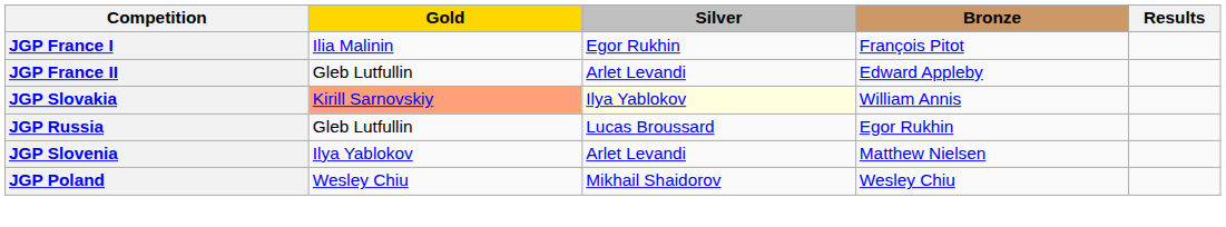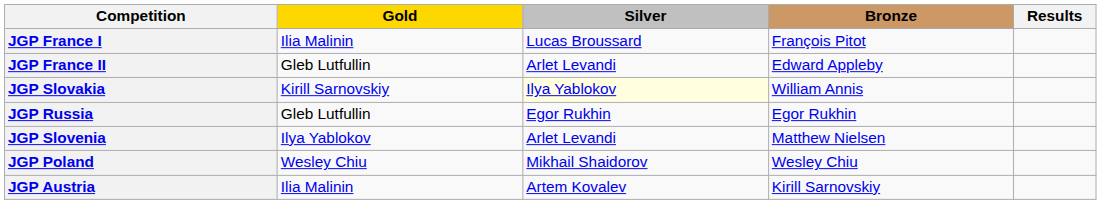 <table class="wikitable unsortable" style="text-align:left; width:90%">
 <tr>
 <th scope="col" style="text-align:center; width:25%;">Competition</th>
 <td scope="col" style="text-align:center; width:22.5%; background:gold"><strong>Gold</strong></td>
 <td scope="col" style="text-align:center; width:22.5%; background:silver"><strong>Silver</strong></td>
 <td scope="col" style="text-align:center; width:22.5%; background:#c96"><strong>Bronze</strong></td>
 <th scope="col" style="text-align:center; width:7.5%;">Results</th>
 </tr>
 <tr>
 <th scope="row" style="text-align:left"> <a href='#'>JGP France I</a></th>
 <td> <a href='#'>Ilia Malinin</a></td>
-<td> <a href='#'>Egor Rukhin</a></td>
+<td> <a href='#'>Lucas Broussard</a></td>
 <td> <a href='#'>François Pitot</a></td>
 <td></td>
 </tr>
 <tr>
 <th scope="row" style="text-align:left"> <a href='#'>JGP France II</a></th>
 <td> Gleb Lutfullin</td>
 <td> <a href='#'>Arlet Levandi</a></td>
 <td> <a href='#'>Edward Appleby</a></td>
 <td></td>
 </tr>
 <tr>
 <th scope="row" style="text-align:left"> <a href='#'>JGP Slovakia</a></th>
-<td style="background: lightsalmon;"> <a href='#'>Kirill Sarnovskiy</a></td>
+<td> <a href='#'>Kirill Sarnovskiy</a></td>
 <td style="background: lightyellow;"> <a href='#'>Ilya Yablokov</a></td>
 <td> <a href='#'>William Annis</a></td>
 <td></td>
 </tr>
 <tr>
 <th scope="row" style="text-align:left"> <a href='#'>JGP Russia</a></th>
 <td> Gleb Lutfullin</td>
-<td> <a href='#'>Lucas Broussard</a></td>
+<td> <a href='#'>Egor Rukhin</a></td>
 <td> <a href='#'>Egor Rukhin</a></td>
 <td></td>
 </tr>
 <tr>
 <th scope="row" style="text-align:left"> <a href='#'>JGP Slovenia</a></th>
 <td> <a href='#'>Ilya Yablokov</a></td>
 <td> <a href='#'>Arlet Levandi</a></td>
 <td> <a href='#'>Matthew Nielsen</a></td>
 <td></td>
 </tr>
 <tr>
 <th scope="row" style="text-align:left"> <a href='#'>JGP Poland</a></th>
 <td> <a href='#'>Wesley Chiu</a></td>
 <td> <a href='#'>Mikhail Shaidorov</a></td>
 <td> <a href='#'>Wesley Chiu</a></td>
 <td></td>
 </tr>
+<tr>
+<th scope="row" style="text-align:left"> <a href='#'>JGP Austria</a></th>
+<td> <a href='#'>Ilia Malinin</a></td>
+<td> <a href='#'>Artem Kovalev</a></td>
+<td> <a href='#'>Kirill Sarnovskiy</a></td>
+<td></td>
+</tr>
 </table>
